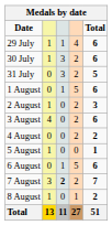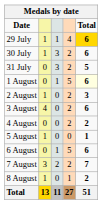 <table class="wikitable" style="font-size:85%;float:right;text-align:center">
 <tr style="background:#efefef;">
 <th colspan=7>Medals by date</th>
 </tr>
 <tr>
 <td><strong>Date</strong></td>
 <td bgcolor=#f7f6a8></td>
 <td bgcolor=#dce5e5></td>
 <td bgcolor=#ffdab9></td>
 <td><strong>Total</strong></td>
 </tr>
 <tr>
 <td style="text-align:left;">29 July</td>
 <td style="background:#F7F6A8;">1</td>
 <td style="background:#DCE5E5;">1</td>
 <td style="background:#FFDAB9;">4</td>
-<td><strong>6</strong></td>
+<td style="background: gold;"><strong>6</strong></td>
 </tr>
 <tr>
 <td style="text-align:left;">30 July</td>
 <td style="background:#F7F6A8;">1</td>
 <td style="background:#DCE5E5;">3</td>
 <td style="background:#FFDAB9;">2</td>
 <td><strong>6</strong></td>
 </tr>
 <tr>
 <td style="text-align:left;">31 July</td>
 <td style="background:#F7F6A8;">0</td>
 <td style="background:#DCE5E5;">3</td>
 <td style="background:#FFDAB9;">2</td>
 <td><strong>5</strong></td>
 </tr>
 <tr>
 <td style="text-align:left;">1 August</td>
 <td style="background:#F7F6A8;">0</td>
 <td style="background:#DCE5E5;">1</td>
 <td style="background:#FFDAB9;">5</td>
-<td><strong>6</strong></td>
+<td style="background: lightyellow;"><strong>6</strong></td>
 </tr>
 <tr>
 <td style="text-align:left;">2 August</td>
 <td style="background:#F7F6A8;">1</td>
 <td style="background:#DCE5E5;">0</td>
 <td style="background:#FFDAB9;">2</td>
 <td><strong>3</strong></td>
 </tr>
 <tr>
 <td style="text-align:left;">3 August</td>
 <td style="background:#F7F6A8;">4</td>
 <td style="background:#DCE5E5;">0</td>
 <td style="background:#FFDAB9;">2</td>
 <td><strong>6</strong></td>
 </tr>
 <tr>
 <td style="text-align:left;">4 August</td>
 <td style="background:#F7F6A8;">0</td>
 <td style="background:#DCE5E5;">0</td>
 <td style="background:#FFDAB9;">2</td>
 <td><strong>2</strong></td>
 </tr>
 <tr>
 <td style="text-align:left;">5 August</td>
 <td style="background:#F7F6A8;">1</td>
 <td style="background:#DCE5E5;">0</td>
 <td style="background:#FFDAB9;">0</td>
 <td><strong>1</strong></td>
 </tr>
 <tr>
 <td style="text-align:left;">6 August</td>
 <td style="background:#F7F6A8;">0</td>
 <td style="background:#DCE5E5;">1</td>
 <td style="background:#FFDAB9;">5</td>
 <td><strong>6</strong></td>
 </tr>
 <tr>
 <td style="text-align:left;">7 August</td>
 <td style="background:#F7F6A8;">3</td>
-<td style="background:#DCE5E5;"><strong>2</strong></td>
+<td style="background:#DCE5E5;">2</td>
 <td style="background:#FFDAB9;">2</td>
 <td><strong>7</strong></td>
 </tr>
 <tr>
 <td style="text-align:left;">8 August</td>
 <td style="background:#F7F6A8;">1</td>
 <td style="background:#DCE5E5;">0</td>
 <td style="background:#FFDAB9;">1</td>
 <td><strong>2</strong></td>
 </tr>
 <tr>
 <th style="text-align:left;">Total</th>
 <th style="background:gold;">13</th>
 <th style="background:silver;">11</th>
 <th style="background:#c96;">27</th>
 <th>51</th>
 </tr>
 </table>
